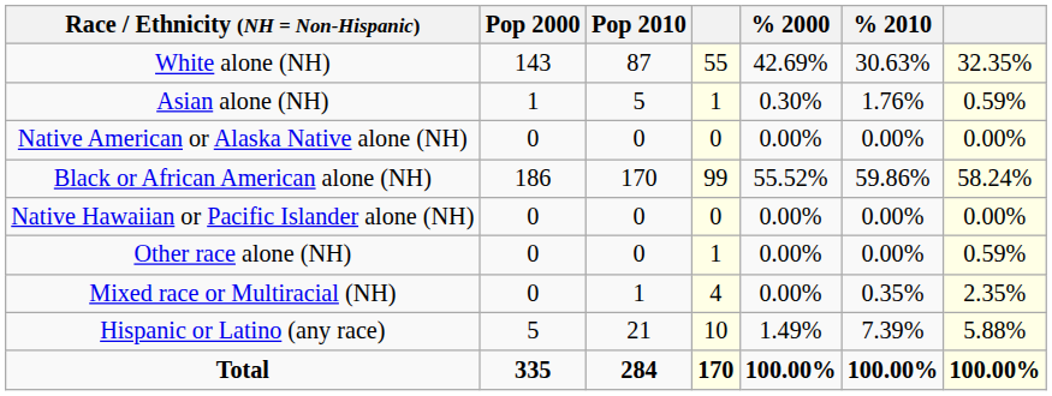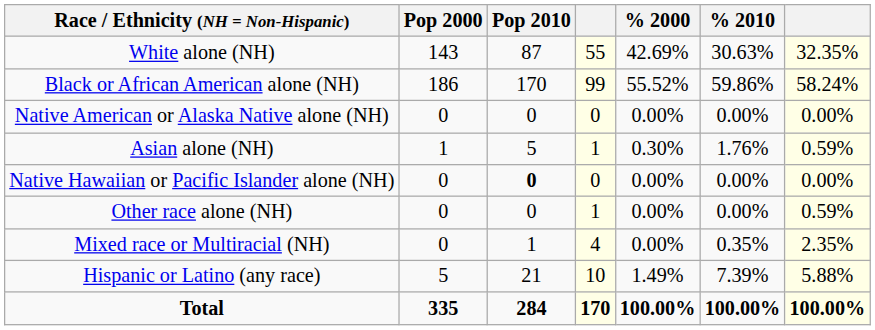 <table class="wikitable" style="text-align:center;">
 <tr>
 <th>Race / Ethnicity <small>(<em>NH = Non-Hispanic</em>)</small></th>
 <th>Pop 2000</th>
 <th>Pop 2010</th>
 <th></th>
 <th>% 2000</th>
 <th>% 2010</th>
 <th></th>
 </tr>
 <tr>
 <td><a href='#'>White</a> alone (NH)</td>
 <td>143</td>
 <td>87</td>
 <td style='background: #ffffe6;'>55</td>
 <td>42.69%</td>
 <td>30.63%</td>
 <td style='background: #ffffe6;'>32.35%</td>
 </tr>
 <tr>
-<td><a href='#'>Asian</a> alone (NH)</td>
-<td>1</td>
-<td>5</td>
-<td style='background: #ffffe6;'>1</td>
-<td>0.30%</td>
-<td>1.76%</td>
-<td style='background: #ffffe6;'>0.59%</td>
+<td><a href='#'>Black or African American</a> alone (NH)</td>
+<td>186</td>
+<td>170</td>
+<td style='background: #ffffe6;'>99</td>
+<td>55.52%</td>
+<td>59.86%</td>
+<td style='background: #ffffe6;'>58.24%</td>
 </tr>
 <tr>
 <td><a href='#'>Native American</a> or <a href='#'>Alaska Native</a> alone (NH)</td>
 <td>0</td>
 <td>0</td>
 <td style='background: #ffffe6;'>0</td>
 <td>0.00%</td>
 <td>0.00%</td>
 <td style='background: #ffffe6;'>0.00%</td>
 </tr>
 <tr>
-<td><a href='#'>Black or African American</a> alone (NH)</td>
-<td>186</td>
-<td>170</td>
-<td style='background: #ffffe6;'>99</td>
-<td>55.52%</td>
-<td>59.86%</td>
-<td style='background: #ffffe6;'>58.24%</td>
+<td><a href='#'>Asian</a> alone (NH)</td>
+<td>1</td>
+<td>5</td>
+<td style='background: #ffffe6;'>1</td>
+<td>0.30%</td>
+<td>1.76%</td>
+<td style='background: #ffffe6;'>0.59%</td>
 </tr>
 <tr>
 <td><a href='#'>Native Hawaiian</a> or <a href='#'>Pacific Islander</a> alone (NH)</td>
 <td>0</td>
-<td>0</td>
+<td><strong>0</strong></td>
 <td style='background: #ffffe6;'>0</td>
 <td>0.00%</td>
 <td>0.00%</td>
 <td style='background: #ffffe6;'>0.00%</td>
 </tr>
 <tr>
 <td><a href='#'>Other race</a> alone (NH)</td>
 <td>0</td>
 <td>0</td>
 <td style='background: #ffffe6;'>1</td>
 <td>0.00%</td>
 <td>0.00%</td>
 <td style='background: #ffffe6;'>0.59%</td>
 </tr>
 <tr>
 <td><a href='#'>Mixed race or Multiracial</a> (NH)</td>
 <td>0</td>
 <td>1</td>
 <td style='background: #ffffe6;'>4</td>
 <td>0.00%</td>
 <td>0.35%</td>
 <td style='background: #ffffe6;'>2.35%</td>
 </tr>
 <tr>
 <td><a href='#'>Hispanic or Latino</a> (any race)</td>
 <td>5</td>
 <td>21</td>
 <td style='background: #ffffe6;'>10</td>
 <td>1.49%</td>
 <td>7.39%</td>
 <td style='background: #ffffe6;'>5.88%</td>
 </tr>
 <tr>
 <td><strong>Total</strong></td>
 <td><strong>335</strong></td>
 <td><strong>284</strong></td>
 <td style='background: #ffffe6;'><strong>170</strong></td>
 <td><strong>100.00%</strong></td>
 <td><strong>100.00%</strong></td>
 <td style='background: #ffffe6;'><strong>100.00%</strong></td>
 </tr>
 </table>
